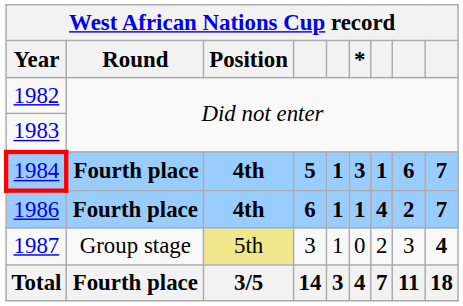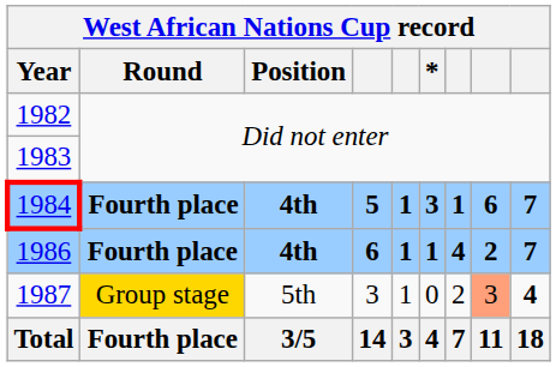 <table class="wikitable" style="text-align: center;">
 <tr>
 <th colspan=9><a href='#'>West African Nations Cup</a> record</th>
 </tr>
 <tr>
 <th>Year</th>
 <th>Round</th>
 <th>Position</th>
 <th></th>
 <th></th>
 <th>*</th>
 <th></th>
 <th></th>
 <th></th>
 </tr>
 <tr>
 <td> <a href='#'>1982</a></td>
 <td colspan=8 rowspan=2><em>Did not enter</em></td>
 </tr>
 <tr>
 <td> <a href='#'>1983</a></td>
 </tr>
 <tr style="background:#9acdff;">
 <td style="border: 3px solid red"> <a href='#'>1984</a></td>
 <td><strong>Fourth place</strong></td>
 <td><strong>4th</strong></td>
 <td><strong>5</strong></td>
 <td><strong>1</strong></td>
 <td><strong>3</strong></td>
 <td><strong>1</strong></td>
 <td><strong>6</strong></td>
 <td><strong>7</strong></td>
 </tr>
 <tr style="background:#9acdff;">
 <td> <a href='#'>1986</a></td>
 <td><strong>Fourth place</strong></td>
 <td><strong>4th</strong></td>
 <td><strong>6</strong></td>
 <td><strong>1</strong></td>
 <td><strong>1</strong></td>
 <td><strong>4</strong></td>
 <td><strong>2</strong></td>
 <td><strong>7</strong></td>
 </tr>
 <tr>
 <td> <a href='#'>1987</a></td>
-<td>Group stage</td>
-<td style="background: khaki;">5th</td>
+<td style="background: gold;">Group stage</td>
+<td>5th</td>
 <td>3</td>
 <td>1</td>
 <td>0</td>
 <td>2</td>
-<td>3</td>
+<td style="background: lightsalmon;">3</td>
 <td><strong>4</strong></td>
 </tr>
 <tr>
 <th>Total</th>
 <th>Fourth place</th>
 <th>3/5</th>
 <th>14</th>
 <th>3</th>
 <th>4</th>
 <th>7</th>
 <th>11</th>
 <th>18</th>
 </tr>
 </table>
